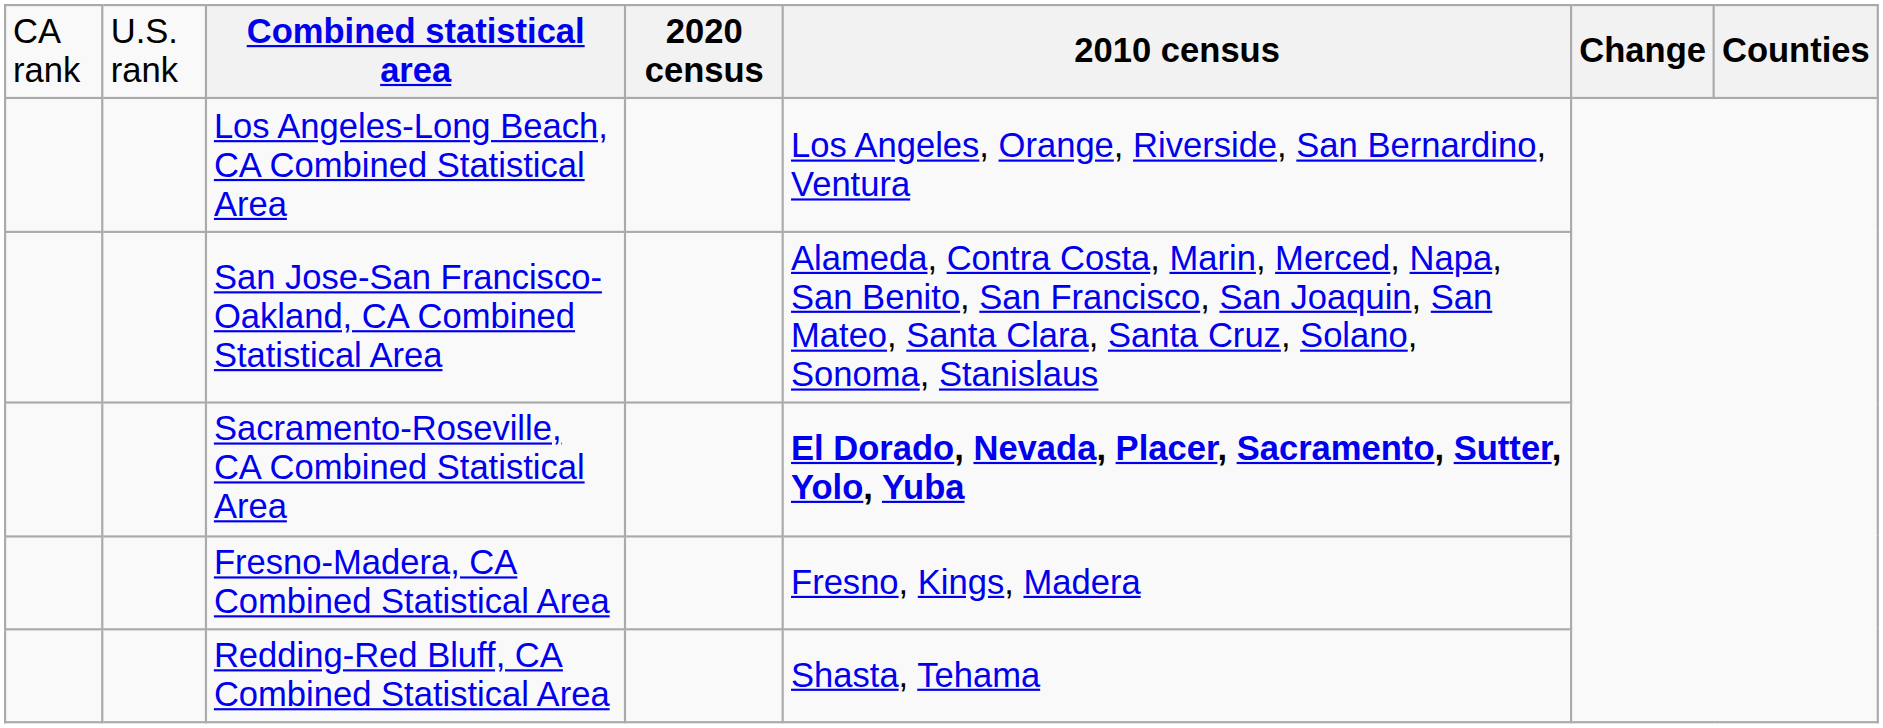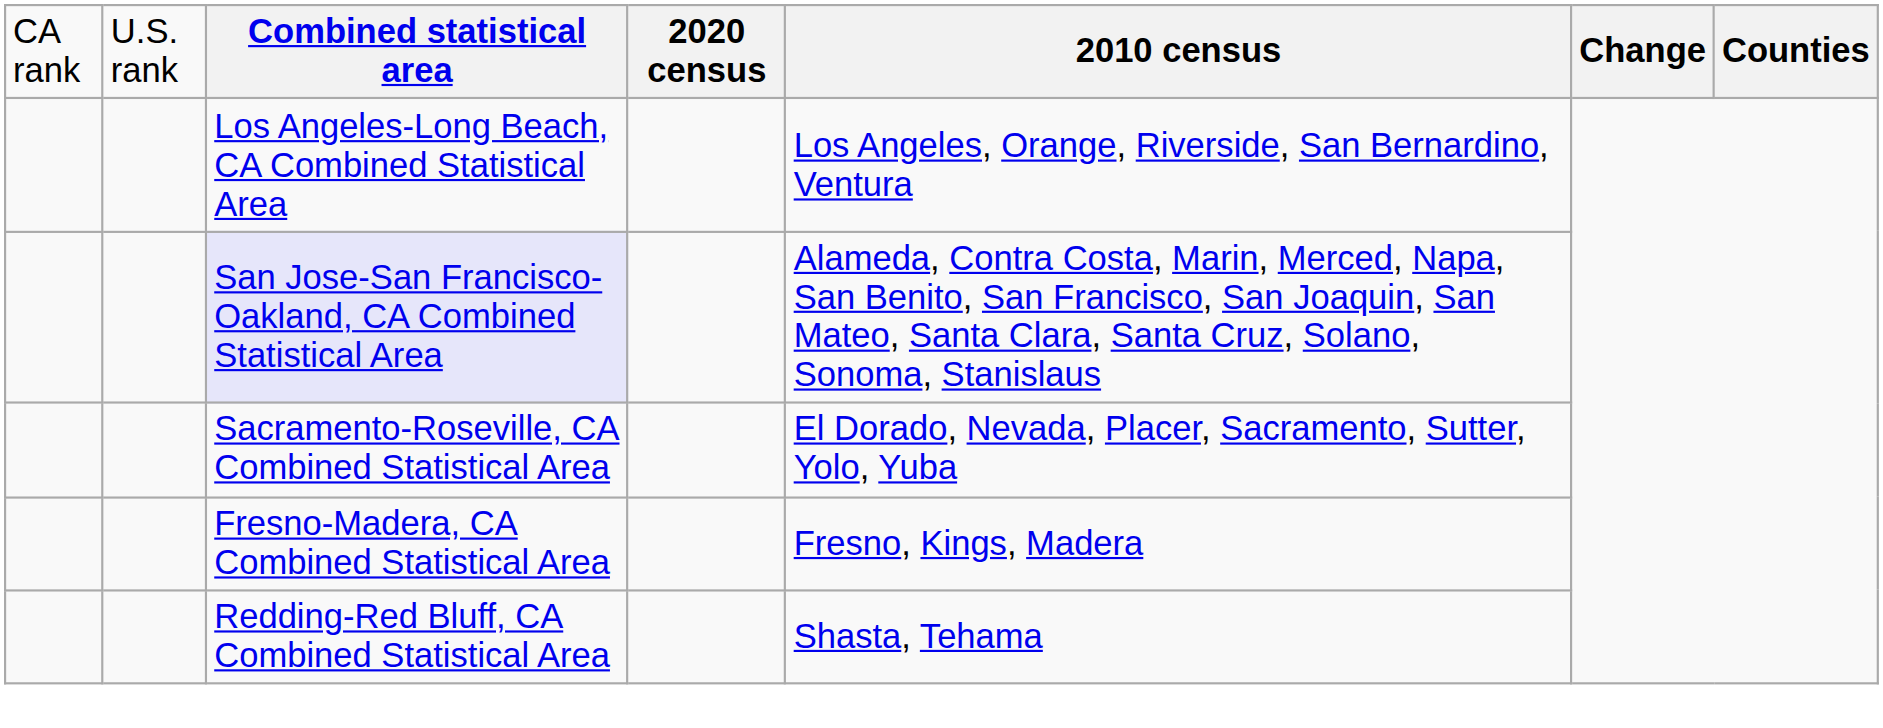 <table class="wikitable sortable mw-collapsible">
 <tr>
 <td>CA rank</td>
 <td>U.S. rank</td>
 <th><a href='#'>Combined statistical area</a></th>
 <th>2020 census</th>
 <th>2010 census</th>
 <th>Change</th>
 <th>Counties</th>
 </tr>
 <tr>
 <td align="center"></td>
 <td align="center"></td>
 <td><a href='#'>Los Angeles-Long Beach, CA Combined Statistical Area</a></td>
 <td></td>
 <td><a href='#'>Los Angeles</a>, <a href='#'>Orange</a>, <a href='#'>Riverside</a>, <a href='#'>San Bernardino</a>, <a href='#'>Ventura</a></td>
 </tr>
 <tr>
 <td align="center"></td>
 <td align="center"></td>
-<td><a href='#'>San Jose-San Francisco-Oakland, CA Combined Statistical Area</a></td>
+<td style="background: lavender;"><a href='#'>San Jose-San Francisco-Oakland, CA Combined Statistical Area</a></td>
 <td></td>
 <td><a href='#'>Alameda</a>, <a href='#'>Contra Costa</a>, <a href='#'>Marin</a>, <a href='#'>Merced</a>, <a href='#'>Napa</a>, <a href='#'>San Benito</a>, <a href='#'>San Francisco</a>, <a href='#'>San Joaquin</a>, <a href='#'>San Mateo</a>, <a href='#'>Santa Clara</a>, <a href='#'>Santa Cruz</a>, <a href='#'>Solano</a>, <a href='#'>Sonoma</a>, <a href='#'>Stanislaus</a></td>
 </tr>
 <tr>
 <td align="center"></td>
 <td align="center"></td>
 <td><a href='#'>Sacramento-Roseville, CA Combined Statistical Area</a></td>
 <td></td>
-<td><strong><a href='#'>El Dorado</a>, <a href='#'>Nevada</a>, <a href='#'>Placer</a>, <a href='#'>Sacramento</a>, <a href='#'>Sutter</a>, <a href='#'>Yolo</a>, <a href='#'>Yuba</a></strong></td>
+<td><a href='#'>El Dorado</a>, <a href='#'>Nevada</a>, <a href='#'>Placer</a>, <a href='#'>Sacramento</a>, <a href='#'>Sutter</a>, <a href='#'>Yolo</a>, <a href='#'>Yuba</a></td>
 </tr>
 <tr>
 <td align="center"></td>
 <td align="center"></td>
 <td><a href='#'>Fresno-Madera, CA Combined Statistical Area</a></td>
 <td></td>
 <td><a href='#'>Fresno</a>, <a href='#'>Kings</a>, <a href='#'>Madera</a></td>
 </tr>
 <tr>
 <td align="center"></td>
 <td align="center"></td>
 <td><a href='#'>Redding-Red Bluff, CA Combined Statistical Area</a></td>
 <td></td>
 <td><a href='#'>Shasta</a>, <a href='#'>Tehama</a></td>
 </tr>
 </table>
